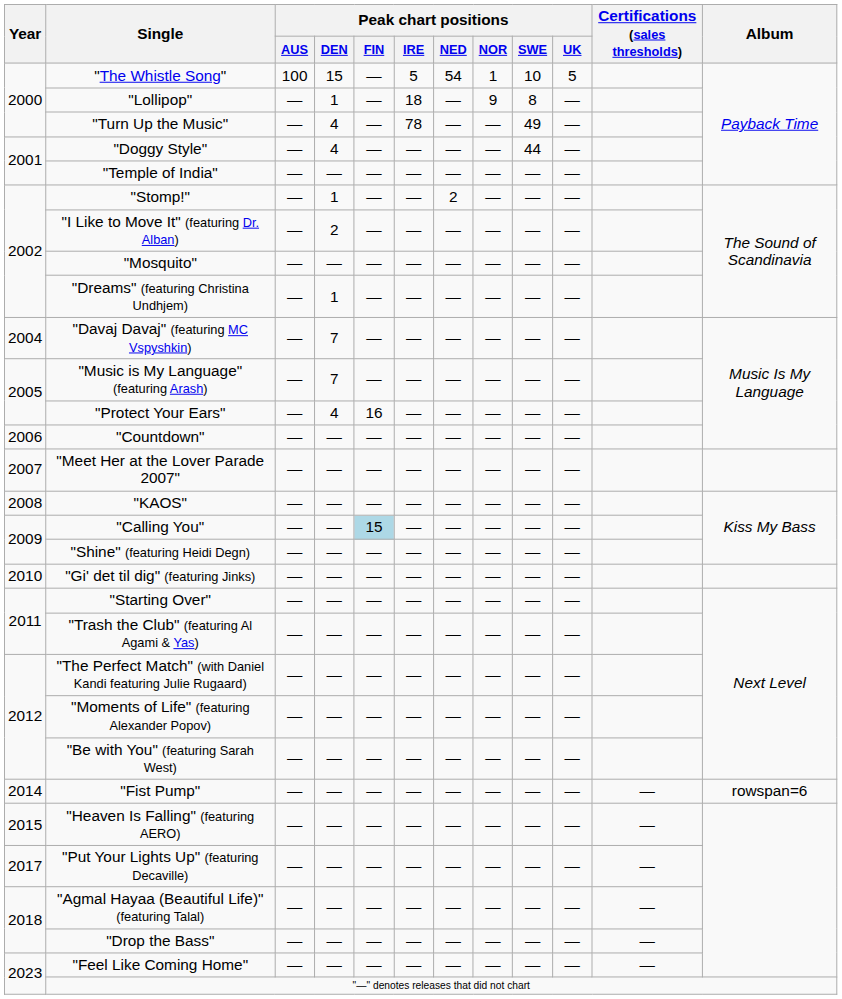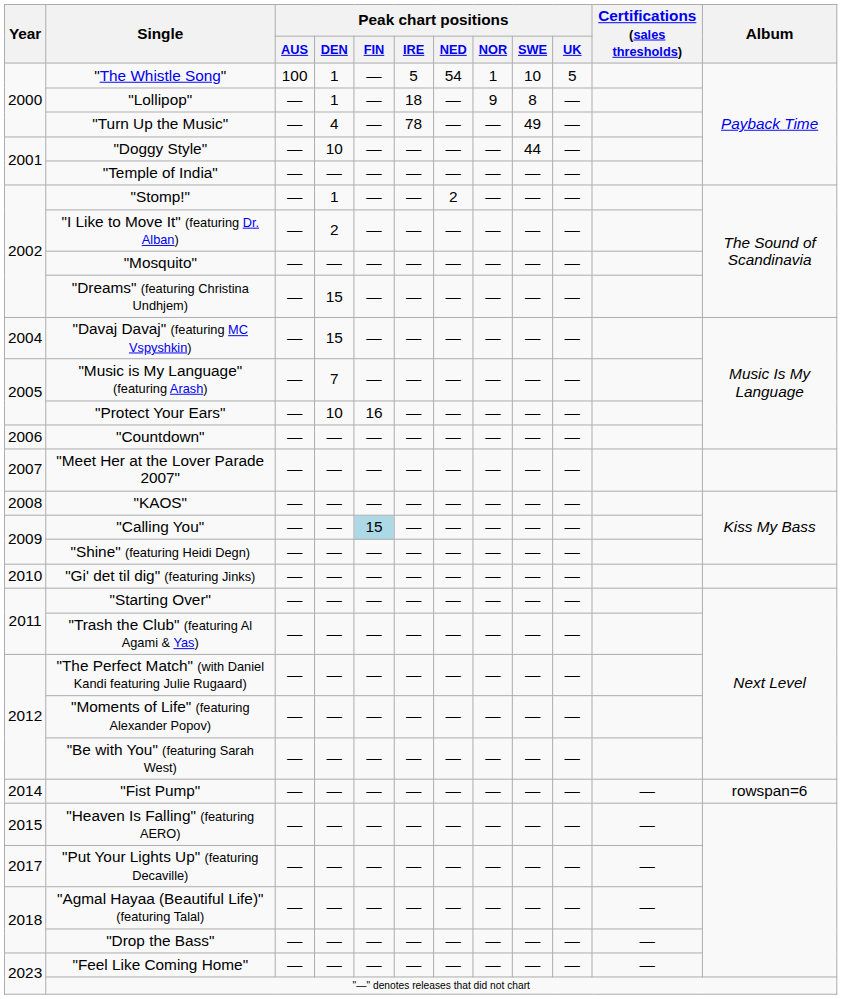 <table class="wikitable" style="text-align:center;">
 <tr>
 <th rowspan="2">Year</th>
 <th rowspan="2">Single</th>
 <th colspan="8">Peak chart positions</th>
 <th rowspan="2"><a href='#'>Certifications</a><br><small>(<a href='#'>sales thresholds</a>)</small></th>
 <th rowspan="2">Album</th>
 </tr>
 <tr style="font-size:smaller;">
 <th width="35"><a href='#'>AUS</a><br></th>
 <th width="35"><a href='#'>DEN</a><br></th>
 <th width="35"><a href='#'>FIN</a><br></th>
 <th width="35"><a href='#'>IRE</a><br></th>
 <th width="35"><a href='#'>NED</a><br></th>
 <th width="35"><a href='#'>NOR</a><br></th>
 <th width="35"><a href='#'>SWE</a><br></th>
 <th width="35"><a href='#'>UK</a><br></th>
 </tr>
 <tr>
 <td rowspan=3>2000</td>
 <td>"<a href='#'>The Whistle Song</a>"</td>
 <td>100</td>
-<td>15</td>
+<td>1</td>
 <td>—</td>
 <td>5</td>
 <td>54</td>
 <td>1</td>
 <td>10</td>
 <td>5</td>
 <td></td>
 <td rowspan="5"><em><a href='#'>Payback Time</a></em></td>
 </tr>
 <tr>
 <td>"Lollipop"</td>
 <td>—</td>
 <td>1</td>
 <td>—</td>
 <td>18</td>
 <td>—</td>
 <td>9</td>
 <td>8</td>
 <td>—</td>
 <td></td>
 </tr>
 <tr>
 <td>"Turn Up the Music"</td>
 <td>—</td>
 <td>4</td>
 <td>—</td>
 <td>78</td>
 <td>—</td>
 <td>—</td>
 <td>49</td>
 <td>—</td>
 <td></td>
 </tr>
 <tr>
 <td rowspan=2>2001</td>
 <td>"Doggy Style"</td>
 <td>—</td>
-<td>4</td>
+<td>10</td>
 <td>—</td>
 <td>—</td>
 <td>—</td>
 <td>—</td>
 <td>44</td>
 <td>—</td>
 <td></td>
 </tr>
 <tr>
 <td>"Temple of India"</td>
 <td>—</td>
 <td>—</td>
 <td>—</td>
 <td>—</td>
 <td>—</td>
 <td>—</td>
 <td>—</td>
 <td>—</td>
 <td></td>
 </tr>
 <tr>
 <td rowspan=4>2002</td>
 <td>"Stomp!"</td>
 <td>—</td>
 <td>1</td>
 <td>—</td>
 <td>—</td>
 <td>2</td>
 <td>—</td>
 <td>—</td>
 <td>—</td>
 <td></td>
 <td rowspan=4><em>The Sound of Scandinavia</em></td>
 </tr>
 <tr>
 <td>"I Like to Move It" <small>(featuring <a href='#'>Dr. Alban</a>)</small></td>
 <td>—</td>
 <td>2</td>
 <td>—</td>
 <td>—</td>
 <td>—</td>
 <td>—</td>
 <td>—</td>
 <td>—</td>
 <td></td>
 </tr>
 <tr>
 <td>"Mosquito"</td>
 <td>—</td>
 <td>—</td>
 <td>—</td>
 <td>—</td>
 <td>—</td>
 <td>—</td>
 <td>—</td>
 <td>—</td>
 <td></td>
 </tr>
 <tr>
 <td>"Dreams" <small>(featuring Christina Undhjem)</small></td>
 <td>—</td>
-<td>1</td>
+<td>15</td>
 <td>—</td>
 <td>—</td>
 <td>—</td>
 <td>—</td>
 <td>—</td>
 <td>—</td>
 <td></td>
 </tr>
 <tr>
 <td>2004</td>
 <td>"Davaj Davaj" <small>(featuring <a href='#'>MC Vspyshkin</a>)</small></td>
 <td>—</td>
-<td>7</td>
+<td>15</td>
 <td>—</td>
 <td>—</td>
 <td>—</td>
 <td>—</td>
 <td>—</td>
 <td>—</td>
 <td></td>
 <td rowspan="4"><em>Music Is My Language</em></td>
 </tr>
 <tr>
 <td rowspan=2>2005</td>
 <td>"Music is My Language" <small>(featuring <a href='#'>Arash</a>)</small></td>
 <td>—</td>
 <td>7</td>
 <td>—</td>
 <td>—</td>
 <td>—</td>
 <td>—</td>
 <td>—</td>
 <td>—</td>
 <td></td>
 </tr>
 <tr>
 <td>"Protect Your Ears"</td>
 <td>—</td>
-<td>4</td>
+<td>10</td>
 <td>16</td>
 <td>—</td>
 <td>—</td>
 <td>—</td>
 <td>—</td>
 <td>—</td>
 <td></td>
 </tr>
 <tr>
 <td>2006</td>
 <td>"Countdown"</td>
 <td>—</td>
 <td>—</td>
 <td>—</td>
 <td>—</td>
 <td>—</td>
 <td>—</td>
 <td>—</td>
 <td>—</td>
 <td></td>
 </tr>
 <tr>
 <td>2007</td>
 <td>"Meet Her at the Lover Parade 2007"</td>
 <td>—</td>
 <td>—</td>
 <td>—</td>
 <td>—</td>
 <td>—</td>
 <td>—</td>
 <td>—</td>
 <td>—</td>
 <td></td>
 <td></td>
 </tr>
 <tr>
 <td>2008</td>
 <td>"KAOS"</td>
 <td>—</td>
 <td>—</td>
 <td>—</td>
 <td>—</td>
 <td>—</td>
 <td>—</td>
 <td>—</td>
 <td>—</td>
 <td></td>
 <td rowspan="3"><em>Kiss My Bass</em></td>
 </tr>
 <tr>
 <td rowspan=2>2009</td>
 <td>"Calling You"</td>
 <td>—</td>
 <td>—</td>
 <td style="background: lightblue;">15</td>
 <td>—</td>
 <td>—</td>
 <td>—</td>
 <td>—</td>
 <td>—</td>
 <td></td>
 </tr>
 <tr>
 <td>"Shine" <small>(featuring Heidi Degn)</small></td>
 <td>—</td>
 <td>—</td>
 <td>—</td>
 <td>—</td>
 <td>—</td>
 <td>—</td>
 <td>—</td>
 <td>—</td>
 <td></td>
 </tr>
 <tr>
 <td>2010</td>
 <td>"Gi' det til dig" <small>(featuring Jinks)</small></td>
 <td>—</td>
 <td>—</td>
 <td>—</td>
 <td>—</td>
 <td>—</td>
 <td>—</td>
 <td>—</td>
 <td>—</td>
 <td></td>
 <td></td>
 </tr>
 <tr>
 <td rowspan=2>2011</td>
 <td>"Starting Over"</td>
 <td>—</td>
 <td>—</td>
 <td>—</td>
 <td>—</td>
 <td>—</td>
 <td>—</td>
 <td>—</td>
 <td>—</td>
 <td></td>
 <td rowspan="5"><em>Next Level</em></td>
 </tr>
 <tr>
 <td>"Trash the Club" <small>(featuring Al Agami & <a href='#'>Yas</a>)</small></td>
 <td>—</td>
 <td>—</td>
 <td>—</td>
 <td>—</td>
 <td>—</td>
 <td>—</td>
 <td>—</td>
 <td>—</td>
 <td></td>
 </tr>
 <tr>
 <td rowspan=3>2012</td>
 <td>"The Perfect Match" <small>(with Daniel Kandi featuring Julie Rugaard)</small></td>
 <td>—</td>
 <td>—</td>
 <td>—</td>
 <td>—</td>
 <td>—</td>
 <td>—</td>
 <td>—</td>
 <td>—</td>
 <td></td>
 </tr>
 <tr>
 <td>"Moments of Life" <small>(featuring Alexander Popov)</small></td>
 <td>—</td>
 <td>—</td>
 <td>—</td>
 <td>—</td>
 <td>—</td>
 <td>—</td>
 <td>—</td>
 <td>—</td>
 <td></td>
 </tr>
 <tr>
 <td>"Be with You" <small>(featuring Sarah West)</small></td>
 <td>—</td>
 <td>—</td>
 <td>—</td>
 <td>—</td>
 <td>—</td>
 <td>—</td>
 <td>—</td>
 <td>—</td>
 <td></td>
 </tr>
 <tr>
 <td rowspan=1>2014</td>
 <td>"Fist Pump"</td>
 <td>—</td>
 <td>—</td>
 <td>—</td>
 <td>—</td>
 <td>—</td>
 <td>—</td>
 <td>—</td>
 <td>—</td>
 <td>—</td>
 <td>rowspan=6 </td>
 </tr>
 <tr>
 <td>2015</td>
 <td>"Heaven Is Falling" <small>(featuring AERO)</small></td>
 <td>—</td>
 <td>—</td>
 <td>—</td>
 <td>—</td>
 <td>—</td>
 <td>—</td>
 <td>—</td>
 <td>—</td>
 <td>—</td>
 </tr>
 <tr>
 <td>2017</td>
 <td>"Put Your Lights Up" <small>(featuring Decaville)</small></td>
 <td>—</td>
 <td>—</td>
 <td>—</td>
 <td>—</td>
 <td>—</td>
 <td>—</td>
 <td>—</td>
 <td>—</td>
 <td>—</td>
 </tr>
 <tr>
 <td rowspan=2>2018</td>
 <td>"Agmal Hayaa (Beautiful Life)" <small>(featuring Talal)</small></td>
 <td>—</td>
 <td>—</td>
 <td>—</td>
 <td>—</td>
 <td>—</td>
 <td>—</td>
 <td>—</td>
 <td>—</td>
 <td>—</td>
 </tr>
 <tr>
 <td>"Drop the Bass"</td>
 <td>—</td>
 <td>—</td>
 <td>—</td>
 <td>—</td>
 <td>—</td>
 <td>—</td>
 <td>—</td>
 <td>—</td>
 <td>—</td>
 </tr>
 <tr>
 <td rowspan=2>2023</td>
 <td>"Feel Like Coming Home"</td>
 <td>—</td>
 <td>—</td>
 <td>—</td>
 <td>—</td>
 <td>—</td>
 <td>—</td>
 <td>—</td>
 <td>—</td>
 <td>—</td>
 </tr>
 <tr>
 <td colspan="15" style="font-size:8pt">"—" denotes releases that did not chart</td>
 </tr>
 </table>
